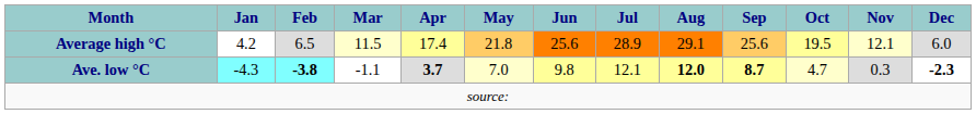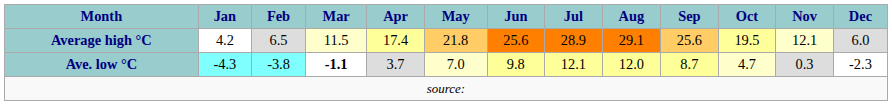 <table class="wikitable" style="font-size:90%;width:100%;border:0px;text-align:center;line-height:120%;">
 <tr>
 <th style="background: #99CCCC; color: #000080" height="17">Month</th>
 <th style="background: #99CCCC; color:#000080;">Jan</th>
 <th style="background: #99CCCC; color:#000080;">Feb</th>
 <th style="background: #99CCCC; color:#000080;">Mar</th>
 <th style="background: #99CCCC; color:#000080;">Apr</th>
 <th style="background: #99CCCC; color:#000080;">May</th>
 <th style="background: #99CCCC; color:#000080;">Jun</th>
 <th style="background: #99CCCC; color:#000080;">Jul</th>
 <th style="background: #99CCCC; color:#000080;">Aug</th>
 <th style="background: #99CCCC; color:#000080;">Sep</th>
 <th style="background: #99CCCC; color:#000080;">Oct</th>
 <th style="background: #99CCCC; color:#000080;">Nov</th>
 <th style="background: #99CCCC; color:#000080;">Dec</th>
 </tr>
 <tr>
 <th style="background: #99CCCC; color:#000080;">Average high °C</th>
 <td style="background: #FFFFFF; color:#000000;">4.2</td>
 <td style="background: #DDDDDD; color:#000000;">6.5</td>
 <td style="background: #FFFFCC; color:#000000;">11.5</td>
 <td style="background: #FFFF99; color:#000000;">17.4</td>
 <td style="background: #FFCC66; color:#000000;">21.8</td>
 <td style="background: #FF8000; color:#000000;">25.6</td>
 <td style="background: #FF8000; color:#000000;">28.9</td>
 <td style="background: #FF8000; color:#000000;">29.1</td>
 <td style="background: #FFCC66; color:#000000;">25.6</td>
 <td style="background: #FFFF99; color:#000000;">19.5</td>
 <td style="background: #FFFFCC; color:#000000;">12.1</td>
 <td style="background: #DDDDDD; color:#000000;">6.0</td>
 </tr>
 <tr>
 <th style="background: #99CCCC; color:#000080;" height="16;">Ave. low °C</th>
 <td style="background: #80FFFF; color: black;">-4.3</td>
-<td style="background: #80FFFF; color: black;"><strong>-3.8</strong></td>
-<td style="background: #FFFFFF; color: black;">-1.1</td>
-<td style="background: #DDDDDD; color: black;"><strong>3.7</strong></td>
+<td style="background: #80FFFF; color: black;">-3.8</td>
+<td style="background: #FFFFFF; color: black;"><strong>-1.1</strong></td>
+<td style="background: #DDDDDD; color: black;">3.7</td>
 <td style="background: #FFFFCC; color: black;">7.0</td>
 <td style="background: #FFFF99; color: black;">9.8</td>
 <td style="background: #FFFF99; color: black;">12.1</td>
-<td style="background: #FFFF99; color: black;"><strong>12.0</strong></td>
-<td style="background: #FFFF99; color: black;"><strong>8.7</strong></td>
+<td style="background: #FFFF99; color: black;">12.0</td>
+<td style="background: #FFFF99; color: black;">8.7</td>
 <td style="background: #FFFFCC; color: black;">4.7</td>
 <td style="background: #DDDDDD; color: black;">0.3</td>
-<td style="background: #FFFFFF; color: black;"><strong>-2.3</strong></td>
+<td style="background: #FFFFFF; color: black;">-2.3</td>
 </tr>
 <tr>
 <td colspan="14" style="text-align:center;font-size:90%;"><em>source:  </em></td>
 </tr>
 </table>
